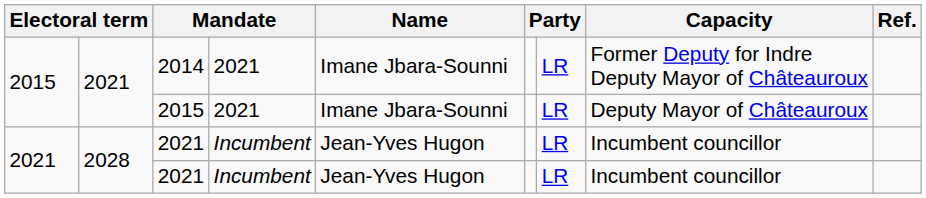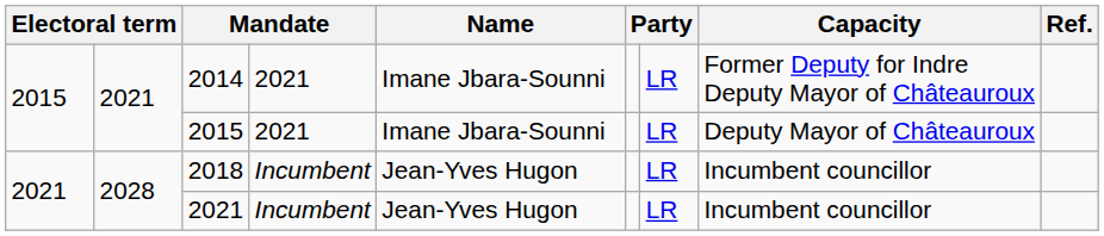 <table class="wikitable">
 <tr>
 <th colspan="2">Electoral term</th>
 <th colspan="2">Mandate</th>
 <th>Name</th>
 <th colspan="2">Party</th>
 <th>Capacity</th>
 <th>Ref.</th>
 </tr>
 <tr>
 <td rowspan="2">2015</td>
 <td rowspan="2">2021</td>
 <td>2014</td>
 <td>2021</td>
 <td>Imane Jbara-Sounni  </td>
 <td></td>
 <td><a href='#'>LR</a></td>
 <td>Former <a href='#'>Deputy</a> for Indre<br>Deputy Mayor of <a href='#'>Châteauroux</a></td>
 <td></td>
 </tr>
 <tr>
 <td>2015</td>
 <td>2021</td>
 <td>Imane Jbara-Sounni  </td>
 <td></td>
 <td><a href='#'>LR</a></td>
 <td>Deputy Mayor of <a href='#'>Châteauroux</a></td>
 <td></td>
 </tr>
 <tr>
 <td rowspan="2">2021</td>
 <td rowspan="2">2028</td>
-<td>2021</td>
+<td>2018</td>
 <td><em>Incumbent</em></td>
 <td>Jean-Yves Hugon  </td>
 <td></td>
 <td><a href='#'>LR</a></td>
 <td>Incumbent councillor</td>
 <td></td>
 </tr>
 <tr>
 <td>2021</td>
 <td><em>Incumbent</em></td>
 <td>Jean-Yves Hugon  </td>
 <td></td>
 <td><a href='#'>LR</a></td>
 <td>Incumbent councillor</td>
 <td></td>
 </tr>
 </table>
